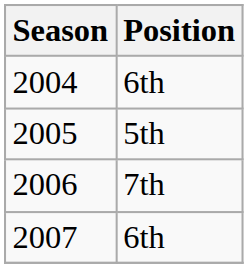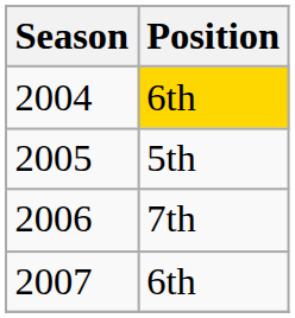 <table class="wikitable collapsible">
 <tr>
 <th>Season</th>
 <th>Position</th>
 </tr>
 <tr>
 <td>2004 </td>
-<td>6th</td>
+<td style="background: gold;">6th</td>
 </tr>
 <tr>
 <td>2005 </td>
 <td>5th</td>
 </tr>
 <tr>
 <td>2006</td>
 <td>7th</td>
 </tr>
 <tr>
 <td>2007 </td>
 <td>6th</td>
 </tr>
 <tr>
 </tr>
 </table>
